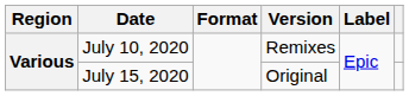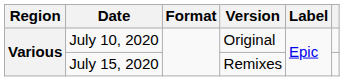 <table class="wikitable plainrowheaders">
 <tr>
 <th scope="col">Region</th>
 <th scope="col">Date</th>
 <th scope="col">Format</th>
 <th scope="col">Version</th>
 <th scope="col">Label</th>
 <th scope="col"></th>
 </tr>
 <tr>
 <th scope="row" rowspan="2">Various</th>
 <td>July 10, 2020</td>
 <td rowspan="2"></td>
-<td>Remixes</td>
+<td>Original</td>
 <td rowspan="2"><a href='#'>Epic</a></td>
 <td style="text-align:center;"></td>
 </tr>
 <tr>
 <td>July 15, 2020</td>
-<td>Original</td>
+<td>Remixes</td>
 <td style="text-align:center;"></td>
 </tr>
 </table>
